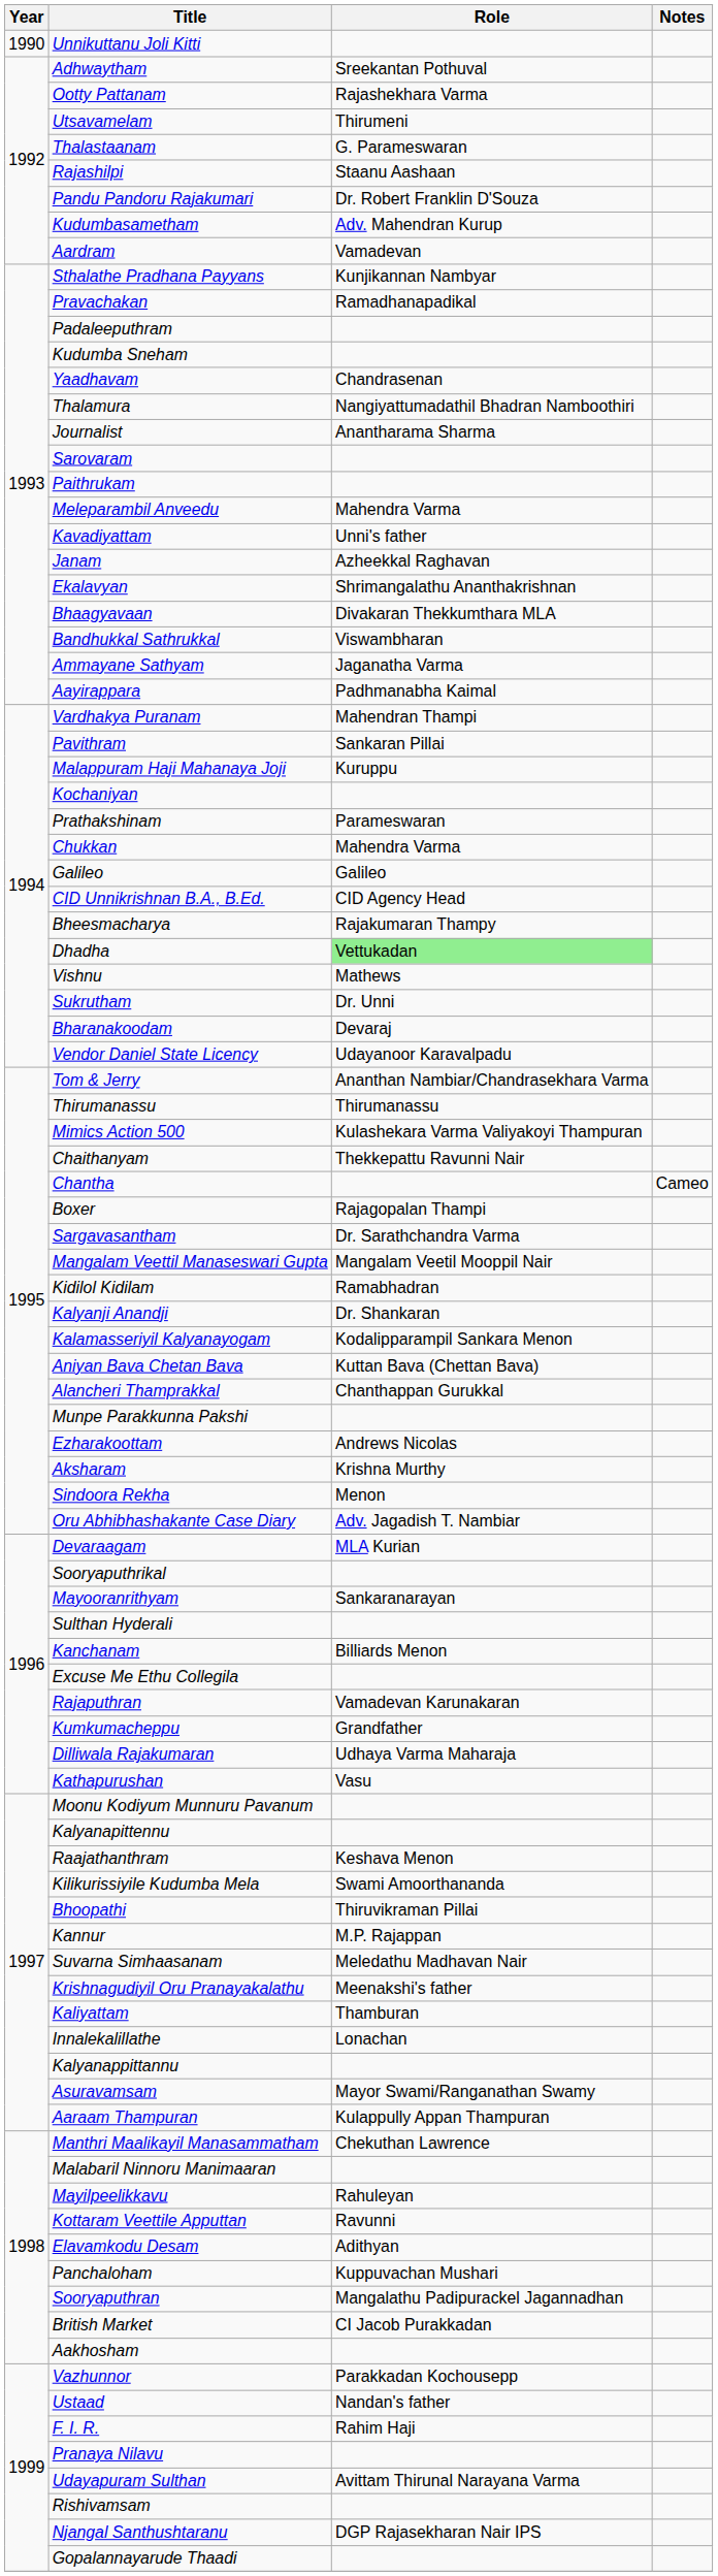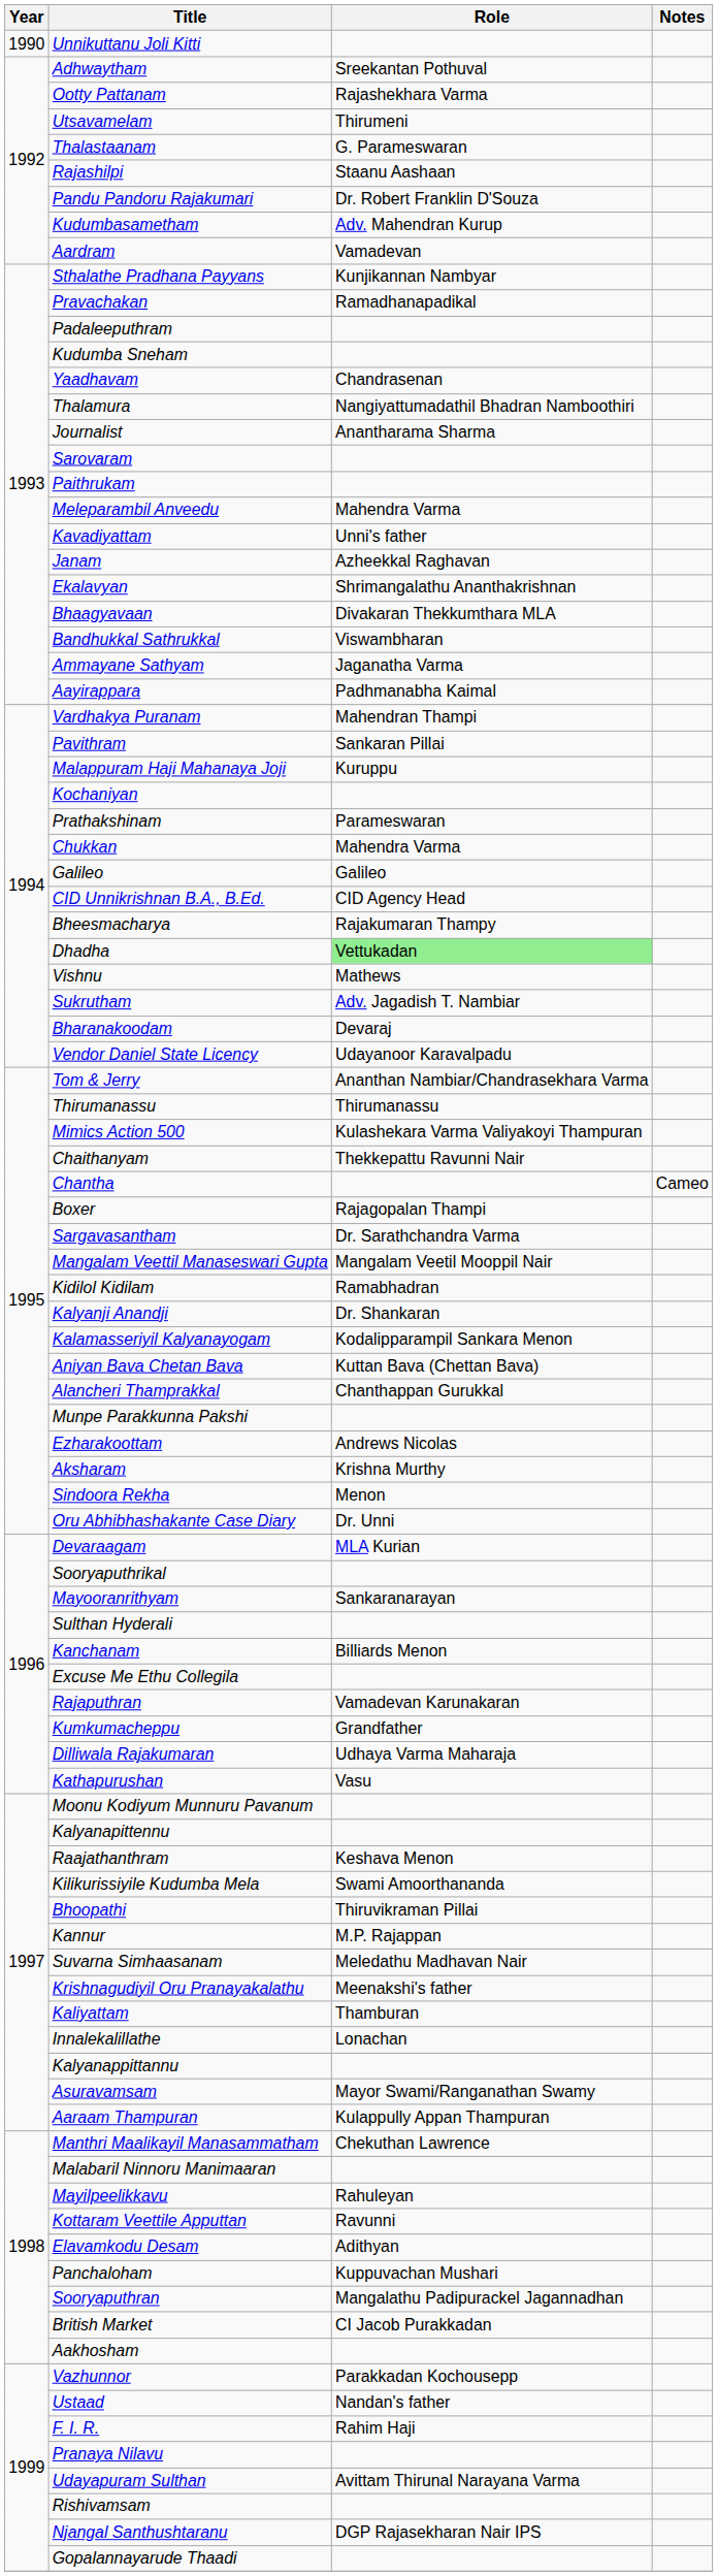 <table class="wikitable sortable">
 <tr>
 <th>Year</th>
 <th>Title</th>
 <th>Role</th>
 <th class="unsortable">Notes</th>
 </tr>
 <tr>
 <td>1990</td>
 <td><em><a href='#'>Unnikuttanu Joli Kitti</a></em></td>
 <td></td>
 <td></td>
 </tr>
 <tr>
 <td rowspan=8>1992</td>
 <td><em><a href='#'>Adhwaytham</a></em></td>
 <td>Sreekantan Pothuval</td>
 <td></td>
 </tr>
 <tr>
 <td><em><a href='#'>Ootty Pattanam</a></em></td>
 <td>Rajashekhara Varma</td>
 <td></td>
 </tr>
 <tr>
 <td><em><a href='#'>Utsavamelam</a></em></td>
 <td>Thirumeni</td>
 <td></td>
 </tr>
 <tr>
 <td><em><a href='#'>Thalastaanam</a></em></td>
 <td>G. Parameswaran</td>
 <td></td>
 </tr>
 <tr>
 <td><em><a href='#'>Rajashilpi</a></em></td>
 <td>Staanu Aashaan</td>
 <td></td>
 </tr>
 <tr>
 <td><em><a href='#'>Pandu Pandoru Rajakumari</a></em></td>
 <td>Dr. Robert Franklin D'Souza</td>
 <td></td>
 </tr>
 <tr>
 <td><em><a href='#'>Kudumbasametham</a></em></td>
 <td><a href='#'>Adv.</a> Mahendran Kurup</td>
 <td></td>
 </tr>
 <tr>
 <td><em><a href='#'>Aardram</a></em></td>
 <td>Vamadevan</td>
 <td></td>
 </tr>
 <tr>
 <td rowspan=17>1993</td>
 <td><em><a href='#'>Sthalathe Pradhana Payyans</a></em></td>
 <td>Kunjikannan Nambyar</td>
 <td></td>
 </tr>
 <tr>
 <td><em><a href='#'>Pravachakan</a></em></td>
 <td>Ramadhanapadikal</td>
 <td></td>
 </tr>
 <tr>
 <td><em>Padaleeputhram</em></td>
 <td></td>
 <td></td>
 </tr>
 <tr>
 <td><em>Kudumba Sneham</em></td>
 <td></td>
 <td></td>
 </tr>
 <tr>
 <td><em><a href='#'>Yaadhavam</a></em></td>
 <td>Chandrasenan</td>
 <td></td>
 </tr>
 <tr>
 <td><em>Thalamura</em></td>
 <td>Nangiyattumadathil Bhadran Namboothiri</td>
 <td></td>
 </tr>
 <tr>
 <td><em>Journalist</em></td>
 <td>Anantharama Sharma</td>
 <td></td>
 </tr>
 <tr>
 <td><em><a href='#'>Sarovaram</a></em></td>
 <td></td>
 <td></td>
 </tr>
 <tr>
 <td><em><a href='#'>Paithrukam</a></em></td>
 <td></td>
 <td></td>
 </tr>
 <tr>
 <td><em><a href='#'>Meleparambil Anveedu</a></em></td>
 <td>Mahendra Varma</td>
 <td></td>
 </tr>
 <tr>
 <td><em><a href='#'>Kavadiyattam</a></em></td>
 <td>Unni's father</td>
 <td></td>
 </tr>
 <tr>
 <td><em><a href='#'>Janam</a></em></td>
 <td>Azheekkal Raghavan</td>
 <td></td>
 </tr>
 <tr>
 <td><em><a href='#'>Ekalavyan</a></em></td>
 <td>Shrimangalathu Ananthakrishnan</td>
 <td></td>
 </tr>
 <tr>
 <td><em><a href='#'>Bhaagyavaan</a></em></td>
 <td>Divakaran Thekkumthara MLA</td>
 <td></td>
 </tr>
 <tr>
 <td><em><a href='#'>Bandhukkal Sathrukkal</a></em></td>
 <td>Viswambharan</td>
 <td></td>
 </tr>
 <tr>
 <td><em><a href='#'>Ammayane Sathyam</a></em></td>
 <td>Jaganatha Varma</td>
 <td></td>
 </tr>
 <tr>
 <td><em><a href='#'>Aayirappara</a></em></td>
 <td>Padhmanabha Kaimal</td>
 <td></td>
 </tr>
 <tr>
 <td rowspan=14>1994</td>
 <td><em><a href='#'>Vardhakya Puranam</a></em></td>
 <td>Mahendran Thampi</td>
 <td></td>
 </tr>
 <tr>
 <td><em><a href='#'>Pavithram</a></em></td>
 <td>Sankaran Pillai</td>
 <td></td>
 </tr>
 <tr>
 <td><em><a href='#'>Malappuram Haji Mahanaya Joji</a></em></td>
 <td>Kuruppu</td>
 <td></td>
 </tr>
 <tr>
 <td><em><a href='#'>Kochaniyan</a></em></td>
 <td></td>
 <td></td>
 </tr>
 <tr>
 <td><em>Prathakshinam</em></td>
 <td>Parameswaran</td>
 <td></td>
 </tr>
 <tr>
 <td><em><a href='#'>Chukkan</a></em></td>
 <td>Mahendra Varma</td>
 <td></td>
 </tr>
 <tr>
 <td><em>Galileo</em></td>
 <td>Galileo</td>
 <td></td>
 </tr>
 <tr>
 <td><em><a href='#'>CID Unnikrishnan B.A., B.Ed.</a></em></td>
 <td>CID Agency Head</td>
 <td></td>
 </tr>
 <tr>
 <td><em>Bheesmacharya</em></td>
 <td>Rajakumaran Thampy</td>
 <td></td>
 </tr>
 <tr>
 <td><em>Dhadha</em></td>
 <td style="background: lightgreen;">Vettukadan</td>
 <td></td>
 </tr>
 <tr>
 <td><em>Vishnu</em></td>
 <td>Mathews</td>
 <td></td>
 </tr>
 <tr>
 <td><em><a href='#'>Sukrutham</a></em></td>
-<td>Dr. Unni</td>
+<td><a href='#'>Adv.</a> Jagadish T. Nambiar</td>
 <td></td>
 </tr>
 <tr>
 <td><em><a href='#'>Bharanakoodam</a></em></td>
 <td>Devaraj</td>
 <td></td>
 </tr>
 <tr>
 <td><em><a href='#'>Vendor Daniel State Licency</a></em></td>
 <td>Udayanoor Karavalpadu</td>
 <td></td>
 </tr>
 <tr>
 <td rowspan=18>1995</td>
 <td><em><a href='#'>Tom & Jerry</a></em></td>
 <td>Ananthan Nambiar/Chandrasekhara Varma</td>
 <td></td>
 </tr>
 <tr>
 <td><em>Thirumanassu</em></td>
 <td>Thirumanassu</td>
 <td></td>
 </tr>
 <tr>
 <td><em><a href='#'>Mimics Action 500</a></em></td>
 <td>Kulashekara Varma Valiyakoyi Thampuran</td>
 <td></td>
 </tr>
 <tr>
 <td><em>Chaithanyam</em></td>
 <td>Thekkepattu Ravunni Nair</td>
 <td></td>
 </tr>
 <tr>
 <td><em><a href='#'>Chantha</a></em></td>
 <td></td>
 <td>Cameo</td>
 </tr>
 <tr>
 <td><em>Boxer</em></td>
 <td>Rajagopalan Thampi</td>
 <td></td>
 </tr>
 <tr>
 <td><em><a href='#'>Sargavasantham</a></em></td>
 <td>Dr. Sarathchandra Varma</td>
 <td></td>
 </tr>
 <tr>
 <td><em><a href='#'>Mangalam Veettil Manaseswari Gupta</a></em></td>
 <td>Mangalam Veetil Mooppil Nair</td>
 <td></td>
 </tr>
 <tr>
 <td><em>Kidilol Kidilam</em></td>
 <td>Ramabhadran</td>
 <td></td>
 </tr>
 <tr>
 <td><em><a href='#'>Kalyanji Anandji</a></em></td>
 <td>Dr. Shankaran</td>
 <td></td>
 </tr>
 <tr>
 <td><em><a href='#'>Kalamasseriyil Kalyanayogam</a></em></td>
 <td>Kodalipparampil Sankara Menon</td>
 <td></td>
 </tr>
 <tr>
 <td><em><a href='#'>Aniyan Bava Chetan Bava</a></em></td>
 <td>Kuttan Bava (Chettan Bava)</td>
 <td></td>
 </tr>
 <tr>
 <td><em><a href='#'>Alancheri Thamprakkal</a></em></td>
 <td>Chanthappan Gurukkal</td>
 <td></td>
 </tr>
 <tr>
 <td><em>Munpe Parakkunna Pakshi</em></td>
 <td></td>
 <td></td>
 </tr>
 <tr>
 <td><em><a href='#'>Ezharakoottam</a></em></td>
 <td>Andrews Nicolas</td>
 <td></td>
 </tr>
 <tr>
 <td><em><a href='#'>Aksharam</a></em></td>
 <td>Krishna Murthy</td>
 <td></td>
 </tr>
 <tr>
 <td><em><a href='#'>Sindoora Rekha</a></em></td>
 <td>Menon</td>
 <td></td>
 </tr>
 <tr>
 <td><em><a href='#'>Oru Abhibhashakante Case Diary</a></em></td>
-<td><a href='#'>Adv.</a> Jagadish T. Nambiar</td>
+<td>Dr. Unni</td>
 <td></td>
 </tr>
 <tr>
 <td rowspan=10>1996</td>
 <td><em><a href='#'>Devaraagam</a></em></td>
 <td><a href='#'>MLA</a> Kurian</td>
 <td></td>
 </tr>
 <tr>
 <td><em>Sooryaputhrikal</em></td>
 <td></td>
 <td></td>
 </tr>
 <tr>
 <td><em><a href='#'>Mayooranrithyam</a></em></td>
 <td>Sankaranarayan</td>
 <td></td>
 </tr>
 <tr>
 <td><em>Sulthan Hyderali</em></td>
 <td></td>
 <td></td>
 </tr>
 <tr>
 <td><em><a href='#'>Kanchanam</a></em></td>
 <td>Billiards Menon</td>
 <td></td>
 </tr>
 <tr>
 <td><em>Excuse Me Ethu Collegila</em></td>
 <td></td>
 <td></td>
 </tr>
 <tr>
 <td><em><a href='#'>Rajaputhran</a></em></td>
 <td>Vamadevan Karunakaran</td>
 <td></td>
 </tr>
 <tr>
 <td><em><a href='#'>Kumkumacheppu</a></em></td>
 <td>Grandfather</td>
 <td></td>
 </tr>
 <tr>
 <td><em><a href='#'>Dilliwala Rajakumaran</a></em></td>
 <td>Udhaya Varma Maharaja</td>
 <td></td>
 </tr>
 <tr>
 <td><em><a href='#'>Kathapurushan</a></em></td>
 <td>Vasu</td>
 <td></td>
 </tr>
 <tr>
 <td rowspan=13>1997</td>
 <td><em>Moonu Kodiyum Munnuru Pavanum</em></td>
 <td></td>
 <td></td>
 </tr>
 <tr>
 <td><em>Kalyanapittennu</em></td>
 <td></td>
 <td></td>
 </tr>
 <tr>
 <td><em>Raajathanthram</em></td>
 <td>Keshava Menon</td>
 <td></td>
 </tr>
 <tr>
 <td><em>Kilikurissiyile Kudumba Mela</em></td>
 <td>Swami Amoorthananda</td>
 <td></td>
 </tr>
 <tr>
 <td><em><a href='#'>Bhoopathi</a></em></td>
 <td>Thiruvikraman Pillai</td>
 <td></td>
 </tr>
 <tr>
 <td><em>Kannur</em></td>
 <td>M.P. Rajappan</td>
 <td></td>
 </tr>
 <tr>
 <td><em>Suvarna Simhaasanam</em></td>
 <td>Meledathu Madhavan Nair</td>
 <td></td>
 </tr>
 <tr>
 <td><em><a href='#'>Krishnagudiyil Oru Pranayakalathu</a></em></td>
 <td>Meenakshi's father</td>
 <td></td>
 </tr>
 <tr>
 <td><em><a href='#'>Kaliyattam</a></em></td>
 <td>Thamburan</td>
 <td></td>
 </tr>
 <tr>
 <td><em>Innalekalillathe</em></td>
 <td>Lonachan</td>
 <td></td>
 </tr>
 <tr>
 <td><em>Kalyanappittannu</em></td>
 <td></td>
 <td></td>
 </tr>
 <tr>
 <td><em><a href='#'>Asuravamsam</a></em></td>
 <td>Mayor Swami/Ranganathan Swamy</td>
 <td></td>
 </tr>
 <tr>
 <td><em><a href='#'>Aaraam Thampuran</a></em></td>
 <td>Kulappully Appan Thampuran</td>
 <td></td>
 </tr>
 <tr>
 <td rowspan=9>1998</td>
 <td><em><a href='#'>Manthri Maalikayil Manasammatham</a></em></td>
 <td>Chekuthan Lawrence</td>
 <td></td>
 </tr>
 <tr>
 <td><em>Malabaril Ninnoru Manimaaran</em></td>
 <td></td>
 <td></td>
 </tr>
 <tr>
 <td><em><a href='#'>Mayilpeelikkavu</a></em></td>
 <td>Rahuleyan</td>
 <td></td>
 </tr>
 <tr>
 <td><em><a href='#'>Kottaram Veettile Apputtan</a></em></td>
 <td>Ravunni</td>
 <td></td>
 </tr>
 <tr>
 <td><em><a href='#'>Elavamkodu Desam</a></em></td>
 <td>Adithyan</td>
 <td></td>
 </tr>
 <tr>
 <td><em>Panchaloham</em></td>
 <td>Kuppuvachan Mushari</td>
 <td></td>
 </tr>
 <tr>
 <td><em><a href='#'>Sooryaputhran</a></em></td>
 <td>Mangalathu Padipurackel Jagannadhan</td>
 <td></td>
 </tr>
 <tr>
 <td><em>British Market</em></td>
 <td>CI Jacob Purakkadan</td>
 <td></td>
 </tr>
 <tr>
 <td><em>Aakhosham</em></td>
 <td></td>
 <td></td>
 </tr>
 <tr>
 <td rowspan=8>1999</td>
 <td><em><a href='#'>Vazhunnor</a></em></td>
 <td>Parakkadan Kochousepp</td>
 <td></td>
 </tr>
 <tr>
 <td><em><a href='#'>Ustaad</a></em></td>
 <td>Nandan's father</td>
 <td></td>
 </tr>
 <tr>
 <td><em><a href='#'>F. I. R.</a></em></td>
 <td>Rahim Haji</td>
 <td></td>
 </tr>
 <tr>
 <td><em><a href='#'>Pranaya Nilavu</a></em></td>
 <td></td>
 <td></td>
 </tr>
 <tr>
 <td><em><a href='#'>Udayapuram Sulthan</a></em></td>
 <td>Avittam Thirunal Narayana Varma</td>
 <td></td>
 </tr>
 <tr>
 <td><em>Rishivamsam</em></td>
 <td></td>
 <td></td>
 </tr>
 <tr>
 <td><em><a href='#'>Njangal Santhushtaranu</a></em></td>
 <td>DGP Rajasekharan Nair IPS</td>
 <td></td>
 </tr>
 <tr>
 <td><em>Gopalannayarude Thaadi</em></td>
 <td></td>
 <td></td>
 </tr>
 <tr>
 </tr>
 </table>
